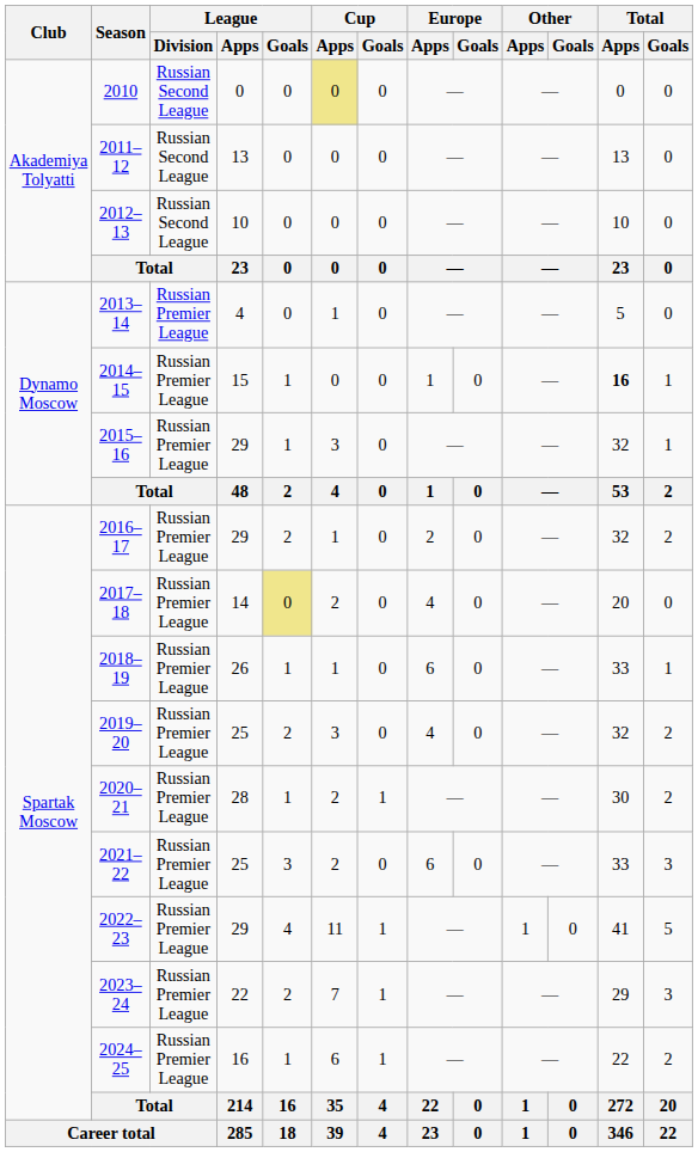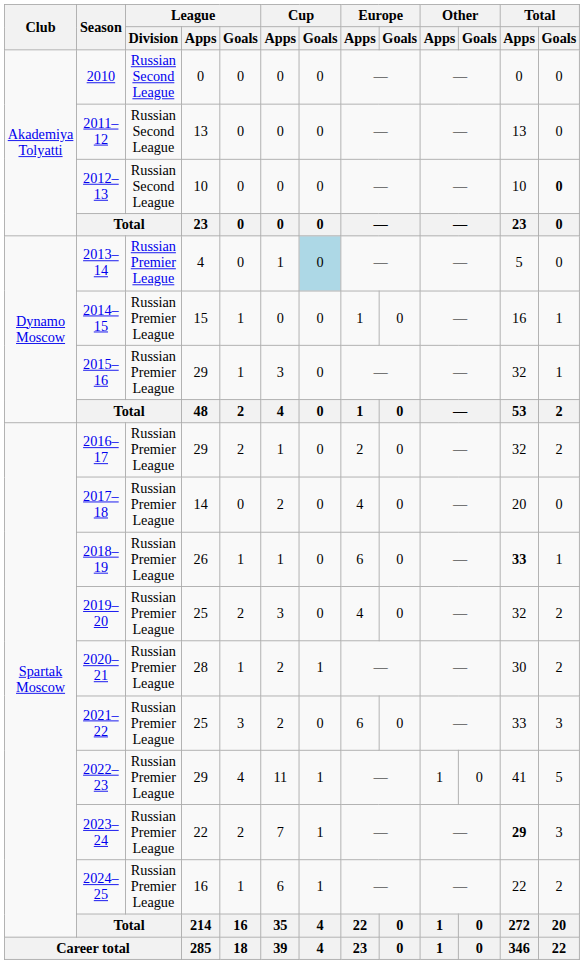 <table class="wikitable" style="text-align: center;">
 <tr>
 <th rowspan="2">Club</th>
 <th rowspan="2">Season</th>
 <th colspan="3">League</th>
 <th colspan="2">Cup</th>
 <th colspan="2">Europe</th>
 <th colspan="2">Other</th>
 <th colspan="2">Total</th>
 </tr>
 <tr>
 <th>Division</th>
 <th>Apps</th>
 <th>Goals</th>
 <th>Apps</th>
 <th>Goals</th>
 <th>Apps</th>
 <th>Goals</th>
 <th>Apps</th>
 <th>Goals</th>
 <th>Apps</th>
 <th>Goals</th>
 </tr>
 <tr>
 <td rowspan=4><a href='#'>Akademiya Tolyatti</a></td>
 <td><a href='#'>2010</a></td>
 <td><a href='#'>Russian Second League</a></td>
 <td>0</td>
 <td>0</td>
-<td style="background: khaki;">0</td>
+<td>0</td>
 <td>0</td>
 <td colspan="2">—</td>
 <td colspan="2">—</td>
 <td>0</td>
 <td>0</td>
 </tr>
 <tr>
 <td><a href='#'>2011–12</a></td>
 <td>Russian Second League</td>
 <td>13</td>
 <td>0</td>
 <td>0</td>
 <td>0</td>
 <td colspan="2">—</td>
 <td colspan="2">—</td>
 <td>13</td>
 <td>0</td>
 </tr>
 <tr>
 <td><a href='#'>2012–13</a></td>
 <td>Russian Second League</td>
 <td>10</td>
 <td>0</td>
 <td>0</td>
 <td>0</td>
 <td colspan="2">—</td>
 <td colspan="2">—</td>
 <td>10</td>
-<td>0</td>
+<td><strong>0</strong></td>
 </tr>
 <tr>
 <th colspan=2>Total</th>
 <th>23</th>
 <th>0</th>
 <th>0</th>
 <th>0</th>
 <th colspan="2">—</th>
 <th colspan="2">—</th>
 <th>23</th>
 <th>0</th>
 </tr>
 <tr>
 <td rowspan=4><a href='#'>Dynamo Moscow</a></td>
 <td><a href='#'>2013–14</a></td>
 <td><a href='#'>Russian Premier League</a></td>
 <td>4</td>
 <td>0</td>
 <td>1</td>
-<td>0</td>
+<td style="background: lightblue;">0</td>
 <td colspan="2">—</td>
 <td colspan="2">—</td>
 <td>5</td>
 <td>0</td>
 </tr>
 <tr>
 <td><a href='#'>2014–15</a></td>
 <td>Russian Premier League</td>
 <td>15</td>
 <td>1</td>
 <td>0</td>
 <td>0</td>
 <td>1</td>
 <td>0</td>
 <td colspan="2">—</td>
-<td><strong>16</strong></td>
+<td>16</td>
 <td>1</td>
 </tr>
 <tr>
 <td><a href='#'>2015–16</a></td>
 <td>Russian Premier League</td>
 <td>29</td>
 <td>1</td>
 <td>3</td>
 <td>0</td>
 <td colspan="2">—</td>
 <td colspan="2">—</td>
 <td>32</td>
 <td>1</td>
 </tr>
 <tr>
 <th colspan=2>Total</th>
 <th>48</th>
 <th>2</th>
 <th>4</th>
 <th>0</th>
 <th>1</th>
 <th>0</th>
 <th colspan="2">—</th>
 <th>53</th>
 <th>2</th>
 </tr>
 <tr>
 <td rowspan="10"><a href='#'>Spartak Moscow</a></td>
 <td><a href='#'>2016–17</a></td>
 <td>Russian Premier League</td>
 <td>29</td>
 <td>2</td>
 <td>1</td>
 <td>0</td>
 <td>2</td>
 <td>0</td>
 <td colspan="2">—</td>
 <td>32</td>
 <td>2</td>
 </tr>
 <tr>
 <td><a href='#'>2017–18</a></td>
 <td>Russian Premier League</td>
 <td>14</td>
-<td style="background: khaki;">0</td>
+<td>0</td>
 <td>2</td>
 <td>0</td>
 <td>4</td>
 <td>0</td>
 <td colspan="2">—</td>
 <td>20</td>
 <td>0</td>
 </tr>
 <tr>
 <td><a href='#'>2018–19</a></td>
 <td>Russian Premier League</td>
 <td>26</td>
 <td>1</td>
 <td>1</td>
 <td>0</td>
 <td>6</td>
 <td>0</td>
 <td colspan="2">—</td>
-<td>33</td>
+<td><strong>33</strong></td>
 <td>1</td>
 </tr>
 <tr>
 <td><a href='#'>2019–20</a></td>
 <td>Russian Premier League</td>
 <td>25</td>
 <td>2</td>
 <td>3</td>
 <td>0</td>
 <td>4</td>
 <td>0</td>
 <td colspan="2">—</td>
 <td>32</td>
 <td>2</td>
 </tr>
 <tr>
 <td><a href='#'>2020–21</a></td>
 <td>Russian Premier League</td>
 <td>28</td>
 <td>1</td>
 <td>2</td>
 <td>1</td>
 <td colspan="2">—</td>
 <td colspan="2">—</td>
 <td>30</td>
 <td>2</td>
 </tr>
 <tr>
 <td><a href='#'>2021–22</a></td>
 <td>Russian Premier League</td>
 <td>25</td>
 <td>3</td>
 <td>2</td>
 <td>0</td>
 <td>6</td>
 <td>0</td>
 <td colspan="2">—</td>
 <td>33</td>
 <td>3</td>
 </tr>
 <tr>
 <td><a href='#'>2022–23</a></td>
 <td>Russian Premier League</td>
 <td>29</td>
 <td>4</td>
 <td>11</td>
 <td>1</td>
 <td colspan="2">—</td>
 <td>1</td>
 <td>0</td>
 <td>41</td>
 <td>5</td>
 </tr>
 <tr>
 <td><a href='#'>2023–24</a></td>
 <td>Russian Premier League</td>
 <td>22</td>
 <td>2</td>
 <td>7</td>
 <td>1</td>
 <td colspan="2">—</td>
 <td colspan="2">—</td>
-<td>29</td>
+<td><strong>29</strong></td>
 <td>3</td>
 </tr>
 <tr>
 <td><a href='#'>2024–25</a></td>
 <td>Russian Premier League</td>
 <td>16</td>
 <td>1</td>
 <td>6</td>
 <td>1</td>
 <td colspan="2">—</td>
 <td colspan="2">—</td>
 <td>22</td>
 <td>2</td>
 </tr>
 <tr>
 <th colspan="2">Total</th>
 <th>214</th>
 <th>16</th>
 <th>35</th>
 <th>4</th>
 <th>22</th>
 <th>0</th>
 <th>1</th>
 <th>0</th>
 <th>272</th>
 <th>20</th>
 </tr>
 <tr>
 <th colspan="3">Career total</th>
 <th>285</th>
 <th>18</th>
 <th>39</th>
 <th>4</th>
 <th>23</th>
 <th>0</th>
 <th>1</th>
 <th>0</th>
 <th>346</th>
 <th>22</th>
 </tr>
 </table>
